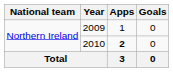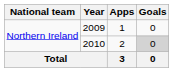 <table class="wikitable" style="text-align: center;">
 <tr>
 <th>National team</th>
 <th>Year</th>
 <th>Apps</th>
 <th>Goals</th>
 </tr>
 <tr>
 <td rowspan="2"><a href='#'>Northern Ireland</a></td>
 <td>2009</td>
 <td>1</td>
 <td>0</td>
 </tr>
 <tr>
 <td>2010</td>
-<td><strong>2</strong></td>
-<td>0</td>
+<td>2</td>
+<td style="background: lightgrey;">0</td>
 </tr>
 <tr>
 <th colspan="2">Total</th>
 <th>3</th>
 <th>0</th>
 </tr>
 </table>
